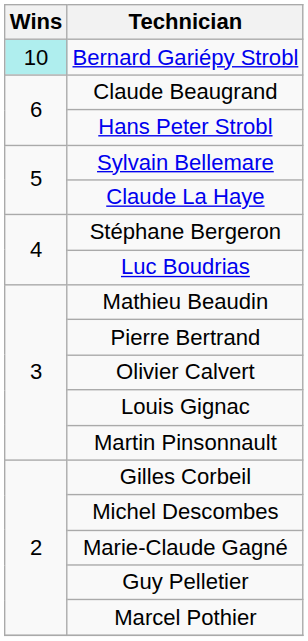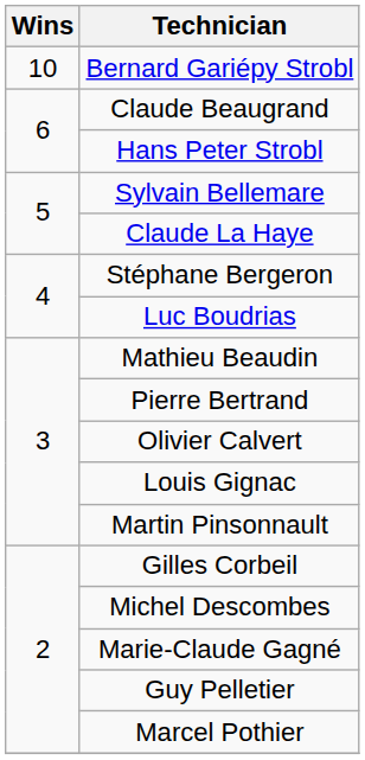 <table class="wikitable" style="text-align:center;">
 <tr>
 <th scope="col" width="17">Wins</th>
 <th scope="col" align="center">Technician</th>
 </tr>
 <tr>
-<td rowspan="1" style="background: paleturquoise; text-align:center;">10</td>
+<td rowspan="1" style="text-align:center;">10</td>
 <td><a href='#'>Bernard Gariépy Strobl</a></td>
 </tr>
 <tr>
 <td rowspan="2" style="text-align:center;">6</td>
 <td>Claude Beaugrand</td>
 </tr>
 <tr>
 <td><a href='#'>Hans Peter Strobl</a></td>
 </tr>
 <tr>
 <td rowspan="2" style="text-align:center;">5</td>
 <td><a href='#'>Sylvain Bellemare</a></td>
 </tr>
 <tr>
 <td><a href='#'>Claude La Haye</a></td>
 </tr>
 <tr>
 <td rowspan="2" style="text-align:center;">4</td>
 <td>Stéphane Bergeron</td>
 </tr>
 <tr>
 <td><a href='#'>Luc Boudrias</a></td>
 </tr>
 <tr>
 <td rowspan="5" style="text-align:center;">3</td>
 <td>Mathieu Beaudin</td>
 </tr>
 <tr>
 <td>Pierre Bertrand</td>
 </tr>
 <tr>
 <td>Olivier Calvert</td>
 </tr>
 <tr>
 <td>Louis Gignac</td>
 </tr>
 <tr>
 <td>Martin Pinsonnault</td>
 </tr>
 <tr>
 <td rowspan="5" style="text-align:center;">2</td>
 <td>Gilles Corbeil</td>
 </tr>
 <tr>
 <td>Michel Descombes</td>
 </tr>
 <tr>
 <td>Marie-Claude Gagné</td>
 </tr>
 <tr>
 <td>Guy Pelletier</td>
 </tr>
 <tr>
 <td>Marcel Pothier</td>
 </tr>
 <tr>
 </tr>
 </table>
